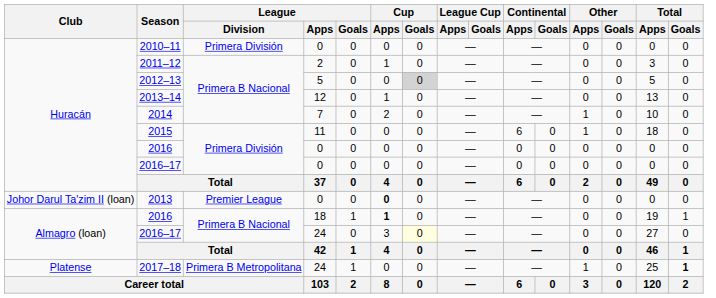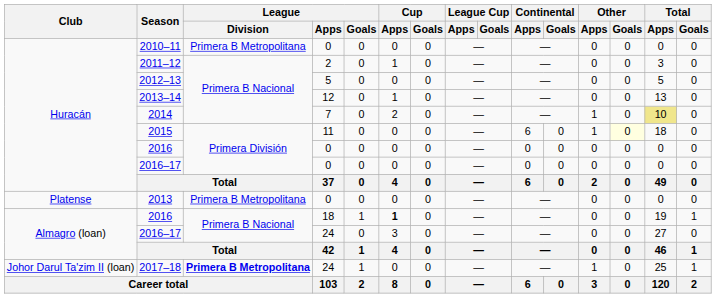 <table class="wikitable" style="text-align:center">
 <tr>
 <th rowspan="2">Club</th>
 <th rowspan="2">Season</th>
 <th colspan="3">League</th>
 <th colspan="2">Cup</th>
 <th colspan="2">League Cup</th>
 <th colspan="2">Continental</th>
 <th colspan="2">Other</th>
 <th colspan="2">Total</th>
 </tr>
 <tr>
 <th>Division</th>
 <th>Apps</th>
 <th>Goals</th>
 <th>Apps</th>
 <th>Goals</th>
 <th>Apps</th>
 <th>Goals</th>
 <th>Apps</th>
 <th>Goals</th>
 <th>Apps</th>
 <th>Goals</th>
 <th>Apps</th>
 <th>Goals</th>
 </tr>
 <tr>
 <td rowspan="9"><a href='#'>Huracán</a></td>
 <td><a href='#'>2010–11</a></td>
-<td rowspan="1"><a href='#'>Primera División</a></td>
+<td rowspan="1"><a href='#'>Primera B Metropolitana</a></td>
 <td>0</td>
 <td>0</td>
 <td>0</td>
 <td>0</td>
 <td colspan="2">—</td>
 <td colspan="2">—</td>
 <td>0</td>
 <td>0</td>
 <td>0</td>
 <td>0</td>
 </tr>
 <tr>
 <td><a href='#'>2011–12</a></td>
 <td rowspan="4"><a href='#'>Primera B Nacional</a></td>
 <td>2</td>
 <td>0</td>
 <td>1</td>
 <td>0</td>
 <td colspan="2">—</td>
 <td colspan="2">—</td>
 <td>0</td>
 <td>0</td>
 <td>3</td>
 <td>0</td>
 </tr>
 <tr>
 <td><a href='#'>2012–13</a></td>
 <td>5</td>
 <td>0</td>
 <td>0</td>
-<td style="background: lightgrey;">0</td>
+<td>0</td>
 <td colspan="2">—</td>
 <td colspan="2">—</td>
 <td>0</td>
 <td>0</td>
 <td>5</td>
 <td>0</td>
 </tr>
 <tr>
 <td><a href='#'>2013–14</a></td>
 <td>12</td>
 <td>0</td>
 <td>1</td>
 <td>0</td>
 <td colspan="2">—</td>
 <td colspan="2">—</td>
 <td>0</td>
 <td>0</td>
 <td>13</td>
 <td>0</td>
 </tr>
 <tr>
 <td><a href='#'>2014</a></td>
 <td>7</td>
 <td>0</td>
 <td>2</td>
 <td>0</td>
 <td colspan="2">—</td>
 <td colspan="2">—</td>
 <td>1</td>
 <td>0</td>
-<td>10</td>
+<td style="background: khaki;">10</td>
 <td>0</td>
 </tr>
 <tr>
 <td><a href='#'>2015</a></td>
 <td rowspan="3"><a href='#'>Primera División</a></td>
 <td>11</td>
 <td>0</td>
 <td>0</td>
 <td>0</td>
 <td colspan="2">—</td>
 <td>6</td>
 <td>0</td>
 <td>1</td>
-<td>0</td>
+<td style="background: lightyellow;">0</td>
 <td>18</td>
 <td>0</td>
 </tr>
 <tr>
 <td><a href='#'>2016</a></td>
 <td>0</td>
 <td>0</td>
 <td>0</td>
 <td>0</td>
 <td colspan="2">—</td>
 <td>0</td>
 <td>0</td>
 <td>0</td>
 <td>0</td>
 <td>0</td>
 <td>0</td>
 </tr>
 <tr>
 <td><a href='#'>2016–17</a></td>
 <td>0</td>
 <td>0</td>
 <td>0</td>
 <td>0</td>
 <td colspan="2">—</td>
 <td>0</td>
 <td>0</td>
 <td>0</td>
 <td>0</td>
 <td>0</td>
 <td>0</td>
 </tr>
 <tr>
 <th colspan="2">Total</th>
 <th>37</th>
 <th>0</th>
 <th>4</th>
 <th>0</th>
 <th colspan="2">—</th>
 <th>6</th>
 <th>0</th>
 <th>2</th>
 <th>0</th>
 <th>49</th>
 <th>0</th>
 </tr>
 <tr>
-<td rowspan="1"><a href='#'>Johor Darul Ta'zim II</a> (loan)</td>
+<td rowspan="1"><a href='#'>Platense</a></td>
 <td><a href='#'>2013</a></td>
-<td rowspan="1"><a href='#'>Premier League</a></td>
+<td rowspan="1"><a href='#'>Primera B Metropolitana</a></td>
 <td>0</td>
 <td>0</td>
-<td><strong>0</strong></td>
+<td>0</td>
 <td>0</td>
 <td colspan="2">—</td>
 <td colspan="2">—</td>
 <td>0</td>
 <td>0</td>
 <td>0</td>
 <td>0</td>
 </tr>
 <tr>
 <td rowspan="3"><a href='#'>Almagro</a> (loan)</td>
 <td><a href='#'>2016</a></td>
 <td rowspan="2"><a href='#'>Primera B Nacional</a></td>
 <td>18</td>
 <td>1</td>
 <td><strong>1</strong></td>
 <td>0</td>
 <td colspan="2">—</td>
 <td colspan="2">—</td>
 <td>0</td>
 <td>0</td>
 <td>19</td>
 <td>1</td>
 </tr>
 <tr>
 <td><a href='#'>2016–17</a></td>
 <td>24</td>
 <td>0</td>
 <td>3</td>
-<td style="background: lightyellow;">0</td>
+<td>0</td>
 <td colspan="2">—</td>
 <td colspan="2">—</td>
 <td>0</td>
 <td>0</td>
 <td>27</td>
 <td>0</td>
 </tr>
 <tr>
 <th colspan="2">Total</th>
 <th>42</th>
 <th>1</th>
 <th>4</th>
 <th>0</th>
 <th colspan="2">—</th>
 <th colspan="2">—</th>
 <th>0</th>
 <th>0</th>
 <th>46</th>
 <th>1</th>
 </tr>
 <tr>
-<td rowspan="1"><a href='#'>Platense</a></td>
+<td rowspan="1"><a href='#'>Johor Darul Ta'zim II</a> (loan)</td>
 <td><a href='#'>2017–18</a></td>
-<td rowspan="1"><a href='#'>Primera B Metropolitana</a></td>
+<td rowspan="1"><strong><a href='#'>Primera B Metropolitana</a></strong></td>
 <td>24</td>
 <td>1</td>
 <td>0</td>
 <td>0</td>
 <td colspan="2">—</td>
 <td colspan="2">—</td>
 <td>1</td>
 <td>0</td>
 <td>25</td>
-<td><strong>1</strong></td>
+<td>1</td>
 </tr>
 <tr>
 <th colspan="3">Career total</th>
 <th>103</th>
 <th>2</th>
 <th>8</th>
 <th>0</th>
 <th colspan="2">—</th>
 <th>6</th>
 <th>0</th>
 <th>3</th>
 <th>0</th>
 <th>120</th>
 <th>2</th>
 </tr>
 </table>
